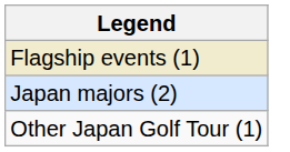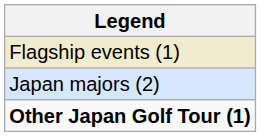 <table class="wikitable" style="font-size:95%;">
 <tr>
 <th>Legend</th>
 </tr>
 <tr style="background:#f2ecce;">
 <td>Flagship events (1)</td>
 </tr>
 <tr style="background:#D6E8FF;">
 <td>Japan majors (2)</td>
 </tr>
 <tr>
-<td>Other Japan Golf Tour (1)</td>
+<td><strong>Other Japan Golf Tour (1)</strong></td>
 </tr>
 </table>
